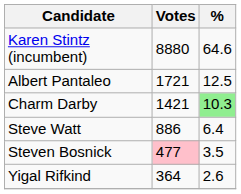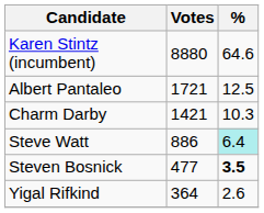 <table class="wikitable">
 <tr>
 <th bgcolor="#DDDDFF" width="150px">Candidate</th>
 <th bgcolor="#DDDDFF">Votes</th>
 <th bgcolor="#DDDDFF">%</th>
 </tr>
 <tr>
 <td><a href='#'>Karen Stintz</a> (incumbent)</td>
 <td>8880</td>
 <td>64.6</td>
 </tr>
 <tr>
 <td>Albert Pantaleo</td>
 <td>1721</td>
 <td>12.5</td>
 </tr>
 <tr>
 <td>Charm Darby</td>
 <td>1421</td>
-<td style="background: lightgreen;">10.3</td>
+<td>10.3</td>
 </tr>
 <tr>
 <td>Steve Watt</td>
 <td>886</td>
-<td>6.4</td>
+<td style="background: paleturquoise;">6.4</td>
 </tr>
 <tr>
 <td>Steven Bosnick</td>
-<td style="background: pink;">477</td>
-<td>3.5</td>
+<td>477</td>
+<td><strong>3.5</strong></td>
 </tr>
 <tr>
 <td>Yigal Rifkind</td>
 <td>364</td>
 <td>2.6</td>
 </tr>
 <tr>
 </tr>
 </table>
